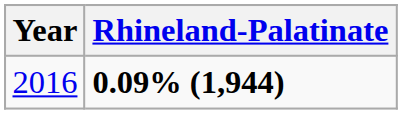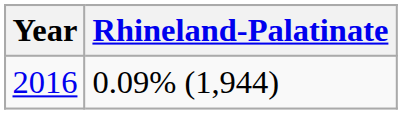 <table class="wikitable">
 <tr>
 <th>Year</th>
 <th><a href='#'>Rhineland-Palatinate</a></th>
 </tr>
 <tr>
 <td><a href='#'>2016</a></td>
-<td><strong>0.09% (1,944)</strong></td>
+<td>0.09% (1,944)</td>
 </tr>
 </table>
